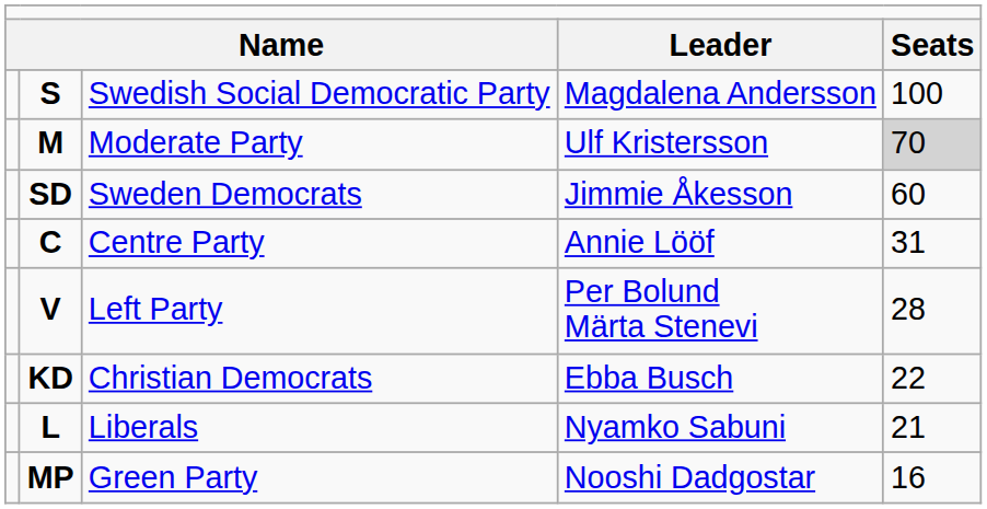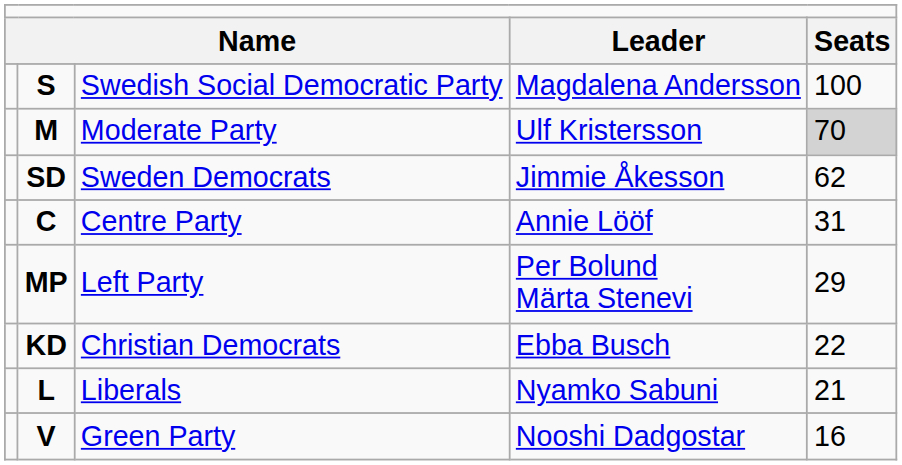 <table class="wikitable">
 <tr>
 <td colspan="5"></td>
 </tr>
 <tr>
 <th colspan="3">Name</th>
 <th>Leader</th>
 <th>Seats</th>
 </tr>
 <tr>
 <td style="background:"></td>
 <td style="text-align:center;"><strong>S</strong></td>
 <td><a href='#'>Swedish Social Democratic Party</a><br></td>
 <td><a href='#'>Magdalena Andersson</a></td>
 <td>100</td>
 </tr>
 <tr>
 <td style="background:"></td>
 <td style="text-align:center;"><strong>M</strong></td>
 <td><a href='#'>Moderate Party</a><br></td>
 <td><a href='#'>Ulf Kristersson</a></td>
 <td style="background: lightgrey;">70</td>
 </tr>
 <tr>
 <td style="background:"></td>
 <td style="text-align:center;"><strong>SD</strong></td>
 <td><a href='#'>Sweden Democrats</a><br></td>
 <td><a href='#'>Jimmie Åkesson</a></td>
-<td>60</td>
+<td>62</td>
 </tr>
 <tr>
 <td style="background:"></td>
 <td style="text-align:center;"><strong>C</strong></td>
 <td><a href='#'>Centre Party</a><br></td>
 <td><a href='#'>Annie Lööf</a></td>
 <td>31</td>
 </tr>
 <tr>
 <td style="background:"></td>
-<td style="text-align:center;"><strong>V</strong></td>
+<td style="text-align:center;"><strong>MP</strong></td>
 <td><a href='#'>Left Party</a><br></td>
 <td><a href='#'>Per Bolund</a><br><a href='#'>Märta Stenevi</a></td>
-<td>28</td>
+<td>29</td>
 </tr>
 <tr>
 <td style="background:"></td>
 <td style="text-align:center;"><strong>KD</strong></td>
 <td><a href='#'>Christian Democrats</a><br></td>
 <td><a href='#'>Ebba Busch</a></td>
 <td>22</td>
 </tr>
 <tr>
 <td style="background:"></td>
 <td style="text-align:center;"><strong>L</strong></td>
 <td><a href='#'>Liberals</a><br></td>
 <td><a href='#'>Nyamko Sabuni</a></td>
 <td>21</td>
 </tr>
 <tr>
 <td style="background:"></td>
-<td style="text-align:center;"><strong>MP</strong></td>
+<td style="text-align:center;"><strong>V</strong></td>
 <td><a href='#'>Green Party</a><br></td>
 <td><a href='#'>Nooshi Dadgostar</a></td>
 <td>16</td>
 </tr>
 </table>
